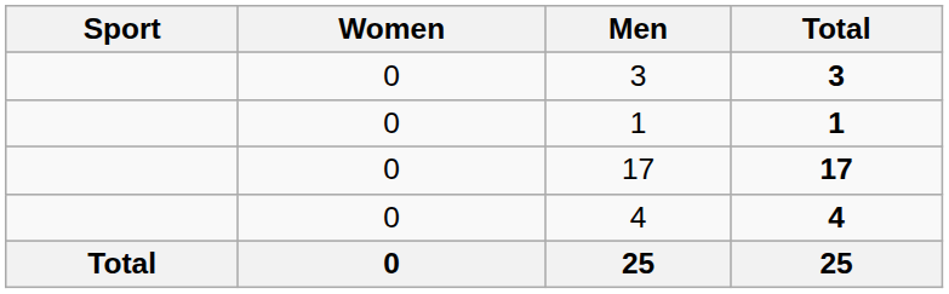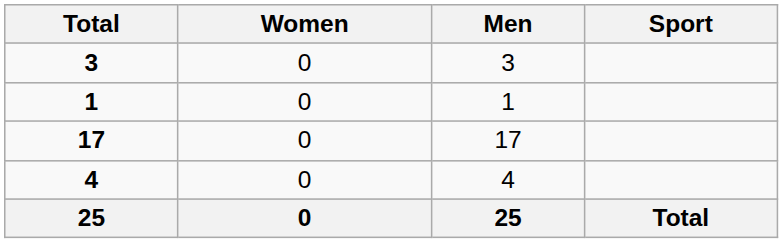 <table class="wikitable" width=40% style="font-size:100%; text-align:center;">
 <tr>
-<th>Sport</th>
+<th>Total</th>
 <th>Women</th>
 <th>Men</th>
+<th>Sport</th>
+</tr>
+<tr>
+<td><strong>3</strong></td>
+<td>0</td>
+<td>3</td>
+<td align=left></td>
+</tr>
+<tr>
+<td><strong>1</strong></td>
+<td>0</td>
+<td>1</td>
+<td align=left></td>
+</tr>
+<tr>
+<td><strong>17</strong></td>
+<td>0</td>
+<td>17</td>
+<td align=left></td>
+</tr>
+<tr>
+<td><strong>4</strong></td>
+<td>0</td>
+<td>4</td>
+<td align=left></td>
+</tr>
+<tr>
+<th>25</th>
+<th>0</th>
+<th>25</th>
 <th>Total</th>
 </tr>
-<tr>
-<td align=left></td>
-<td>0</td>
-<td>3</td>
-<td><strong>3</strong></td>
-</tr>
-<tr>
-<td align=left></td>
-<td>0</td>
-<td>1</td>
-<td><strong>1</strong></td>
-</tr>
-<tr>
-<td align=left></td>
-<td>0</td>
-<td>17</td>
-<td><strong>17</strong></td>
-</tr>
-<tr>
-<td align=left></td>
-<td>0</td>
-<td>4</td>
-<td><strong>4</strong></td>
-</tr>
-<tr>
-<th>Total</th>
-<th>0</th>
-<th>25</th>
-<th>25</th>
-</tr>
 </table>
